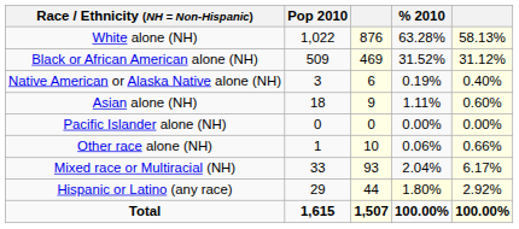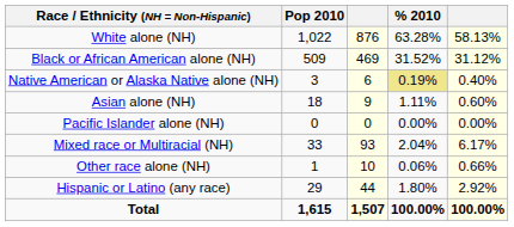 <table class="wikitable" style="text-align:center;">
 <tr>
 <th>Race / Ethnicity <small>(<em>NH = Non-Hispanic</em>)</small></th>
 <th>Pop 2010</th>
 <th></th>
 <th>% 2010</th>
 <th></th>
 </tr>
 <tr>
 <td><a href='#'>White</a> alone (NH)</td>
 <td>1,022</td>
 <td style='background: #ffffe6;'>876</td>
 <td>63.28%</td>
 <td style='background: #ffffe6;'>58.13%</td>
 </tr>
 <tr>
 <td><a href='#'>Black or African American</a> alone (NH)</td>
 <td>509</td>
 <td style='background: #ffffe6;'>469</td>
 <td>31.52%</td>
 <td style='background: #ffffe6;'>31.12%</td>
 </tr>
 <tr>
 <td><a href='#'>Native American</a> or <a href='#'>Alaska Native</a> alone (NH)</td>
 <td>3</td>
 <td style='background: #ffffe6;'>6</td>
-<td>0.19%</td>
+<td style="background: khaki;">0.19%</td>
 <td style='background: #ffffe6;'>0.40%</td>
 </tr>
 <tr>
 <td><a href='#'>Asian</a> alone (NH)</td>
 <td>18</td>
 <td style='background: #ffffe6;'>9</td>
 <td>1.11%</td>
 <td style='background: #ffffe6;'>0.60%</td>
 </tr>
 <tr>
 <td><a href='#'>Pacific Islander</a> alone (NH)</td>
 <td>0</td>
 <td style='background: #ffffe6;'>0</td>
 <td>0.00%</td>
 <td style='background: #ffffe6;'>0.00%</td>
 </tr>
 <tr>
+<td><a href='#'>Mixed race or Multiracial</a> (NH)</td>
+<td>33</td>
+<td style='background: #ffffe6;'>93</td>
+<td>2.04%</td>
+<td style='background: #ffffe6;'>6.17%</td>
+</tr>
+<tr>
 <td><a href='#'>Other race</a> alone (NH)</td>
 <td>1</td>
 <td style='background: #ffffe6;'>10</td>
 <td>0.06%</td>
 <td style='background: #ffffe6;'>0.66%</td>
 </tr>
 <tr>
-<td><a href='#'>Mixed race or Multiracial</a> (NH)</td>
-<td>33</td>
-<td style='background: #ffffe6;'>93</td>
-<td>2.04%</td>
-<td style='background: #ffffe6;'>6.17%</td>
-</tr>
-<tr>
 <td><a href='#'>Hispanic or Latino</a> (any race)</td>
 <td>29</td>
 <td style='background: #ffffe6;'>44</td>
-<td style="background: lightyellow;">1.80%</td>
+<td>1.80%</td>
 <td style='background: #ffffe6;'>2.92%</td>
 </tr>
 <tr>
 <td><strong>Total</strong></td>
 <td><strong>1,615</strong></td>
 <td style='background: #ffffe6;'><strong>1,507</strong></td>
 <td><strong>100.00%</strong></td>
 <td style='background: #ffffe6;'><strong>100.00%</strong></td>
 </tr>
 </table>
